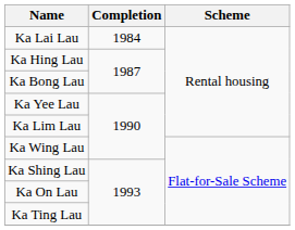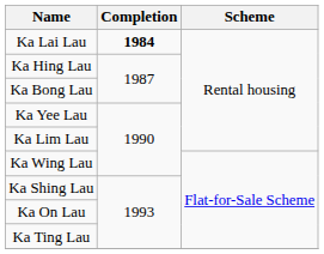 <table class="wikitable" style="text-align: center">
 <tr>
 <th>Name</th>
 <th>Completion</th>
 <th>Scheme</th>
 </tr>
 <tr>
 <td>Ka Lai Lau</td>
-<td rowspan="1">1984</td>
+<td rowspan="1"><strong>1984</strong></td>
 <td rowspan="5">Rental housing</td>
 </tr>
 <tr>
 <td>Ka Hing Lau</td>
 <td rowspan="2">1987</td>
 </tr>
 <tr>
 <td>Ka Bong Lau</td>
 </tr>
 <tr>
 <td>Ka Yee Lau</td>
 <td rowspan="3">1990</td>
 </tr>
 <tr>
 <td>Ka Lim Lau</td>
 </tr>
 <tr>
 <td>Ka Wing Lau</td>
 <td rowspan="4"><a href='#'>Flat-for-Sale Scheme</a></td>
 </tr>
 <tr>
 <td>Ka Shing Lau</td>
 <td rowspan="3">1993</td>
 </tr>
 <tr>
 <td>Ka On Lau</td>
 </tr>
 <tr>
 <td>Ka Ting Lau</td>
 </tr>
 <tr>
 </tr>
 </table>
